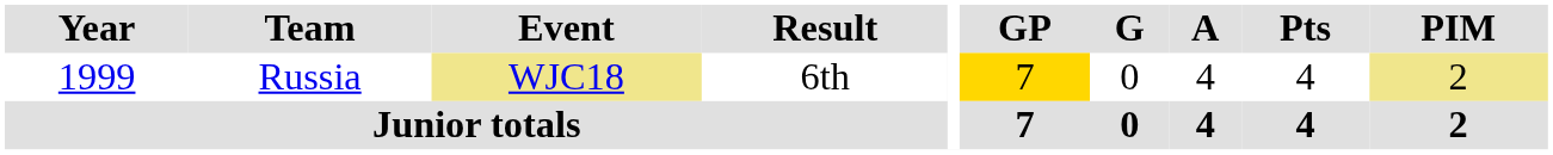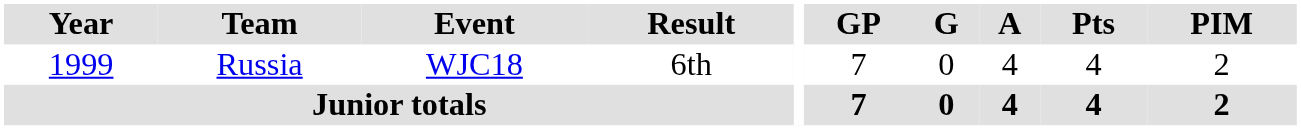 <table border="0" cellpadding="1" cellspacing="0" ID="Table3" style="text-align:center; width:40em">
 <tr ALIGN="center" bgcolor="#e0e0e0">
 <th>Year</th>
 <th>Team</th>
 <th>Event</th>
 <th>Result</th>
 <th rowspan="99" bgcolor="#ffffff"></th>
 <th>GP</th>
 <th>G</th>
 <th>A</th>
 <th>Pts</th>
 <th>PIM</th>
 </tr>
 <tr>
 <td><a href='#'>1999</a></td>
 <td><a href='#'>Russia</a></td>
-<td style="background: khaki;"><a href='#'>WJC18</a></td>
+<td><a href='#'>WJC18</a></td>
 <td>6th</td>
-<td style="background: gold;">7</td>
+<td>7</td>
 <td>0</td>
 <td>4</td>
 <td>4</td>
-<td style="background: khaki;">2</td>
+<td>2</td>
 </tr>
 <tr bgcolor="#e0e0e0">
 <th colspan="4">Junior totals</th>
 <th>7</th>
 <th>0</th>
 <th>4</th>
 <th>4</th>
 <th>2</th>
 </tr>
 </table>
